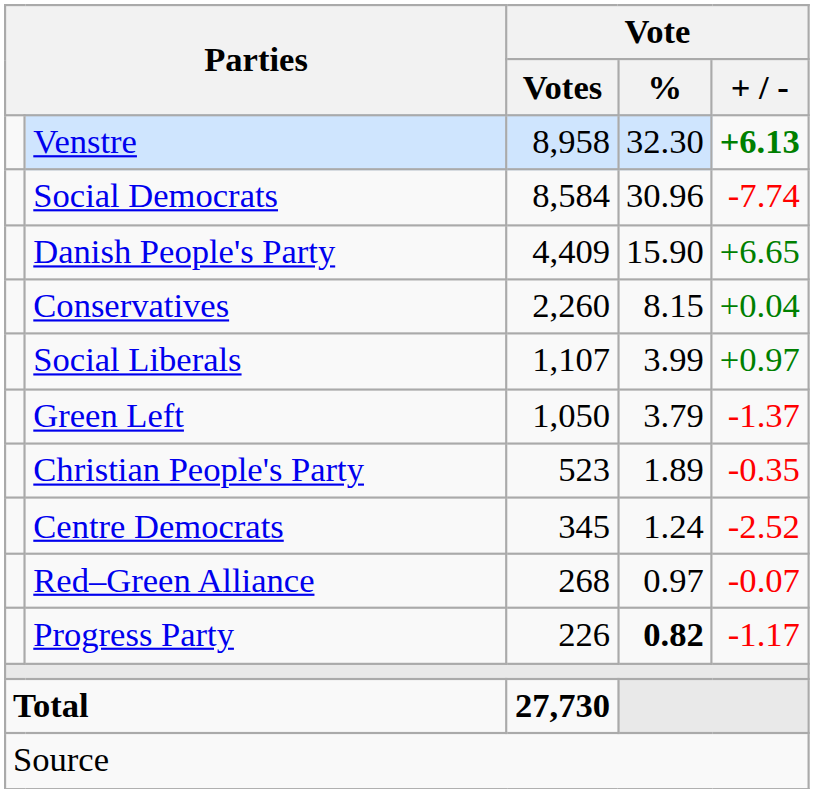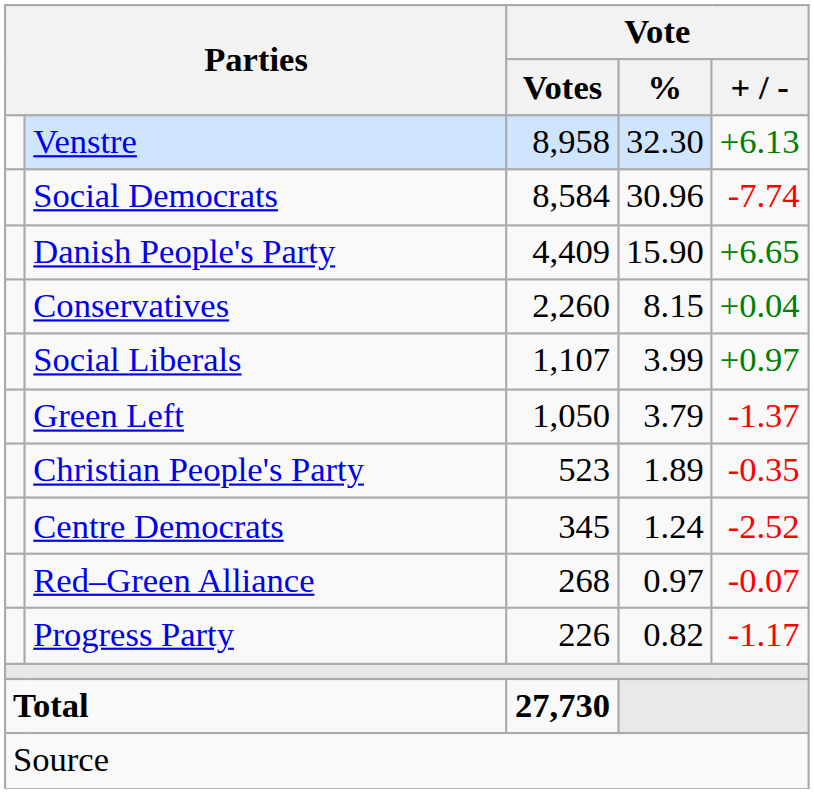 <table class="wikitable" style="text-align:right;">
 <tr>
 <th style="text-align:centre;" rowspan="2" colspan="2" width="225">Parties</th>
 <th colspan="3">Vote</th>
 </tr>
 <tr>
 <th width="15">Votes</th>
 <th width="15">%</th>
 <th width="15">+ / -</th>
 </tr>
 <tr>
 <td width="2" style="color:inherit;background:"></td>
 <td bgcolor=#cfe5fe  align="left"><a href='#'>Venstre</a></td>
 <td bgcolor=#cfe5fe>8,958</td>
 <td bgcolor=#cfe5fe>32.30</td>
-<td style=color:green;><strong>+6.13</strong></td>
+<td style=color:green;>+6.13</td>
 </tr>
 <tr>
 <td width="2" style="color:inherit;background:"></td>
 <td align="left"><a href='#'>Social Democrats</a></td>
 <td>8,584</td>
 <td>30.96</td>
 <td style=color:red;>-7.74</td>
 </tr>
 <tr>
 <td width="2" style="color:inherit;background:"></td>
 <td align="left"><a href='#'>Danish People's Party</a></td>
 <td>4,409</td>
 <td>15.90</td>
 <td style=color:green;>+6.65</td>
 </tr>
 <tr>
 <td width="2" style="color:inherit;background:"></td>
 <td align="left"><a href='#'>Conservatives</a></td>
 <td>2,260</td>
 <td>8.15</td>
 <td style=color:green;>+0.04</td>
 </tr>
 <tr>
 <td width="2" style="color:inherit;background:"></td>
 <td align="left"><a href='#'>Social Liberals</a></td>
 <td>1,107</td>
 <td>3.99</td>
 <td style=color:green;>+0.97</td>
 </tr>
 <tr>
 <td width="2" style="color:inherit;background:"></td>
 <td align="left"><a href='#'>Green Left</a></td>
 <td>1,050</td>
 <td>3.79</td>
 <td style=color:red;>-1.37</td>
 </tr>
 <tr>
 <td width="2" style="color:inherit;background:"></td>
 <td align="left"><a href='#'>Christian People's Party</a></td>
 <td>523</td>
 <td>1.89</td>
 <td style=color:red;>-0.35</td>
 </tr>
 <tr>
 <td width="2" style="color:inherit;background:"></td>
 <td align="left"><a href='#'>Centre Democrats</a></td>
 <td>345</td>
 <td>1.24</td>
 <td style=color:red;>-2.52</td>
 </tr>
 <tr>
 <td width="2" style="color:inherit;background:"></td>
 <td align="left"><a href='#'>Red–Green Alliance</a></td>
 <td>268</td>
 <td>0.97</td>
 <td style=color:red;>-0.07</td>
 </tr>
 <tr>
 <td width="2" style="color:inherit;background:"></td>
 <td align="left"><a href='#'>Progress Party</a></td>
 <td>226</td>
-<td><strong>0.82</strong></td>
+<td>0.82</td>
 <td style=color:red;>-1.17</td>
 </tr>
 <tr>
 <td colspan="7" bgcolor="#E9E9E9"></td>
 </tr>
 <tr>
 <td align="left" colspan="2"><strong>Total</strong></td>
 <td><strong>27,730</strong></td>
 <td bgcolor="#E9E9E9" colspan="2"></td>
 </tr>
 <tr>
 <td align="left" colspan="6">Source</td>
 </tr>
 </table>
